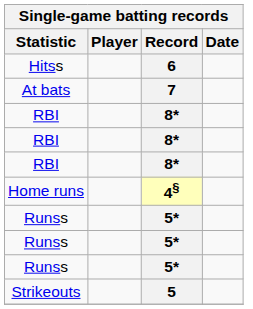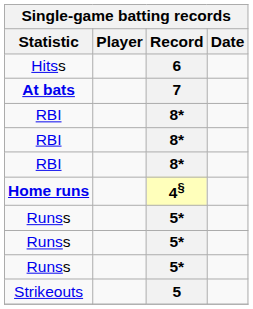 <table class="wikitable sortable" style="text-align:center">
 <tr>
 <th colspan=5>Single-game batting records</th>
 </tr>
 <tr>
 <th scope="col">Statistic</th>
 <th scope="col">Player</th>
 <th scope="col" class="unsortable">Record</th>
 <th scope="col">Date</th>
 </tr>
 <tr>
 <td><a href='#'>Hits</a>s</td>
 <td></td>
 <th scope="row">6</th>
 <td></td>
 </tr>
 <tr>
-<td><a href='#'>At bats</a></td>
+<td><strong><a href='#'>At bats</a></strong></td>
 <td></td>
 <th scope="row">7</th>
 <td></td>
 </tr>
 <tr>
 <td><a href='#'>RBI</a></td>
 <td></td>
 <th scope="row">8*</th>
 <td></td>
 </tr>
 <tr>
 <td><a href='#'>RBI</a></td>
 <td></td>
 <th scope="row">8*</th>
 <td></td>
 </tr>
 <tr>
 <td><a href='#'>RBI</a></td>
 <td></td>
 <th scope="row">8*</th>
 <td></td>
 </tr>
 <tr>
-<td><a href='#'>Home runs</a></td>
+<td><strong><a href='#'>Home runs</a></strong></td>
 <td></td>
 <th scope="row" style="background-color:#ffffbb">4<sup>§</sup></th>
 <td></td>
 </tr>
 <tr>
 <td><a href='#'>Runs</a>s</td>
 <td></td>
 <th scope="row">5*</th>
 <td></td>
 </tr>
 <tr>
 <td><a href='#'>Runs</a>s</td>
 <td></td>
 <th scope="row">5*</th>
 <td></td>
 </tr>
 <tr>
 <td><a href='#'>Runs</a>s</td>
 <td></td>
 <th scope="row">5*</th>
 <td></td>
 </tr>
 <tr>
 <td><a href='#'>Strikeouts</a></td>
 <td></td>
 <th scope="row">5</th>
 <td></td>
 </tr>
 <tr>
 </tr>
 </table>
